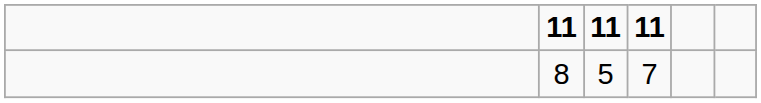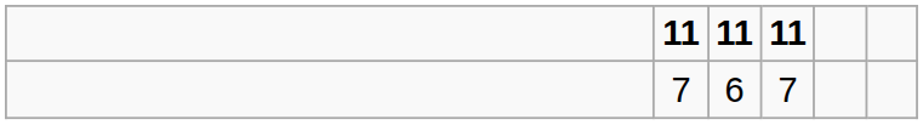 <table class="wikitable">
 <tr>
 <td style="width:18em"><strong> </strong></td>
 <td align=center style="width:1em"><strong>11</strong></td>
 <td align=center style="width:1em"><strong>11</strong></td>
 <td align=center style="width:1em"><strong>11</strong></td>
 <td align=center style="width:1em"></td>
 <td align=center style="width:1em"></td>
 </tr>
 <tr>
 <td style="width:18em"></td>
-<td align=center style="width:1em">8</td>
-<td align=center style="width:1em">5</td>
+<td align=center style="width:1em">7</td>
+<td align=center style="width:1em">6</td>
 <td align=center style="width:1em">7</td>
 <td align=center style="width:1em"></td>
 <td align=center style="width:1em"></td>
 </tr>
 </table>
